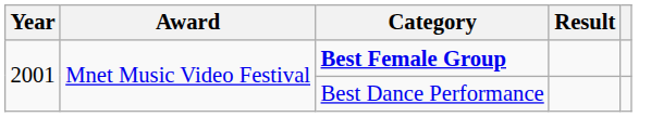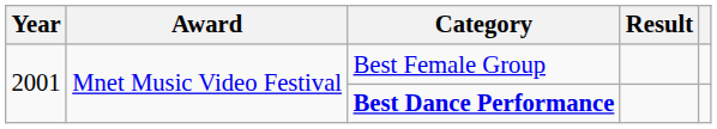 <table class="wikitable plainrowheaders">
 <tr>
 <th>Year</th>
 <th>Award</th>
 <th>Category</th>
 <th>Result</th>
 <th></th>
 </tr>
 <tr>
 <td rowspan="2">2001</td>
 <td rowspan="2"><a href='#'>Mnet Music Video Festival</a></td>
-<td><strong><a href='#'>Best Female Group</a></strong></td>
+<td><a href='#'>Best Female Group</a></td>
 <td></td>
 <td align="center"></td>
 </tr>
 <tr>
-<td><a href='#'>Best Dance Performance</a></td>
+<td><strong><a href='#'>Best Dance Performance</a></strong></td>
 <td></td>
 <td></td>
 </tr>
 </table>
